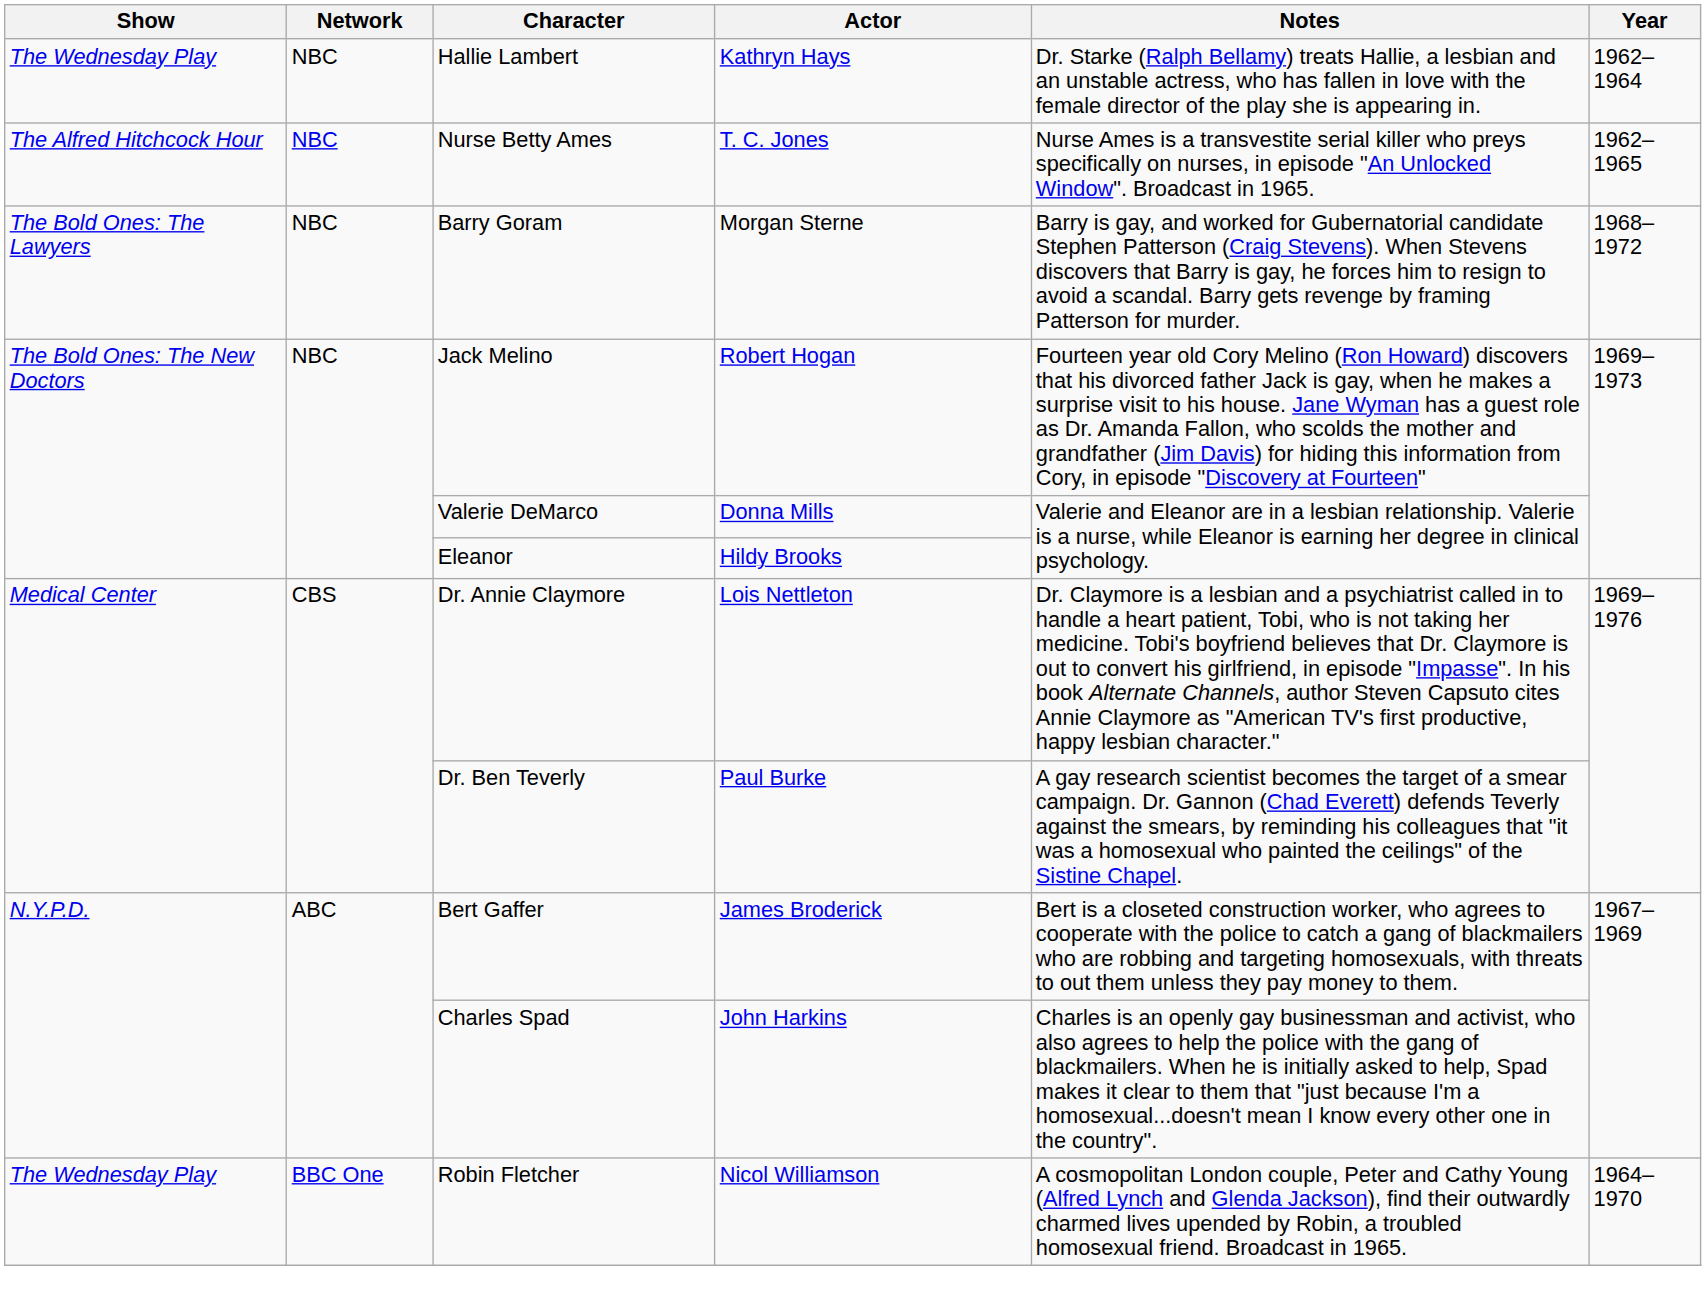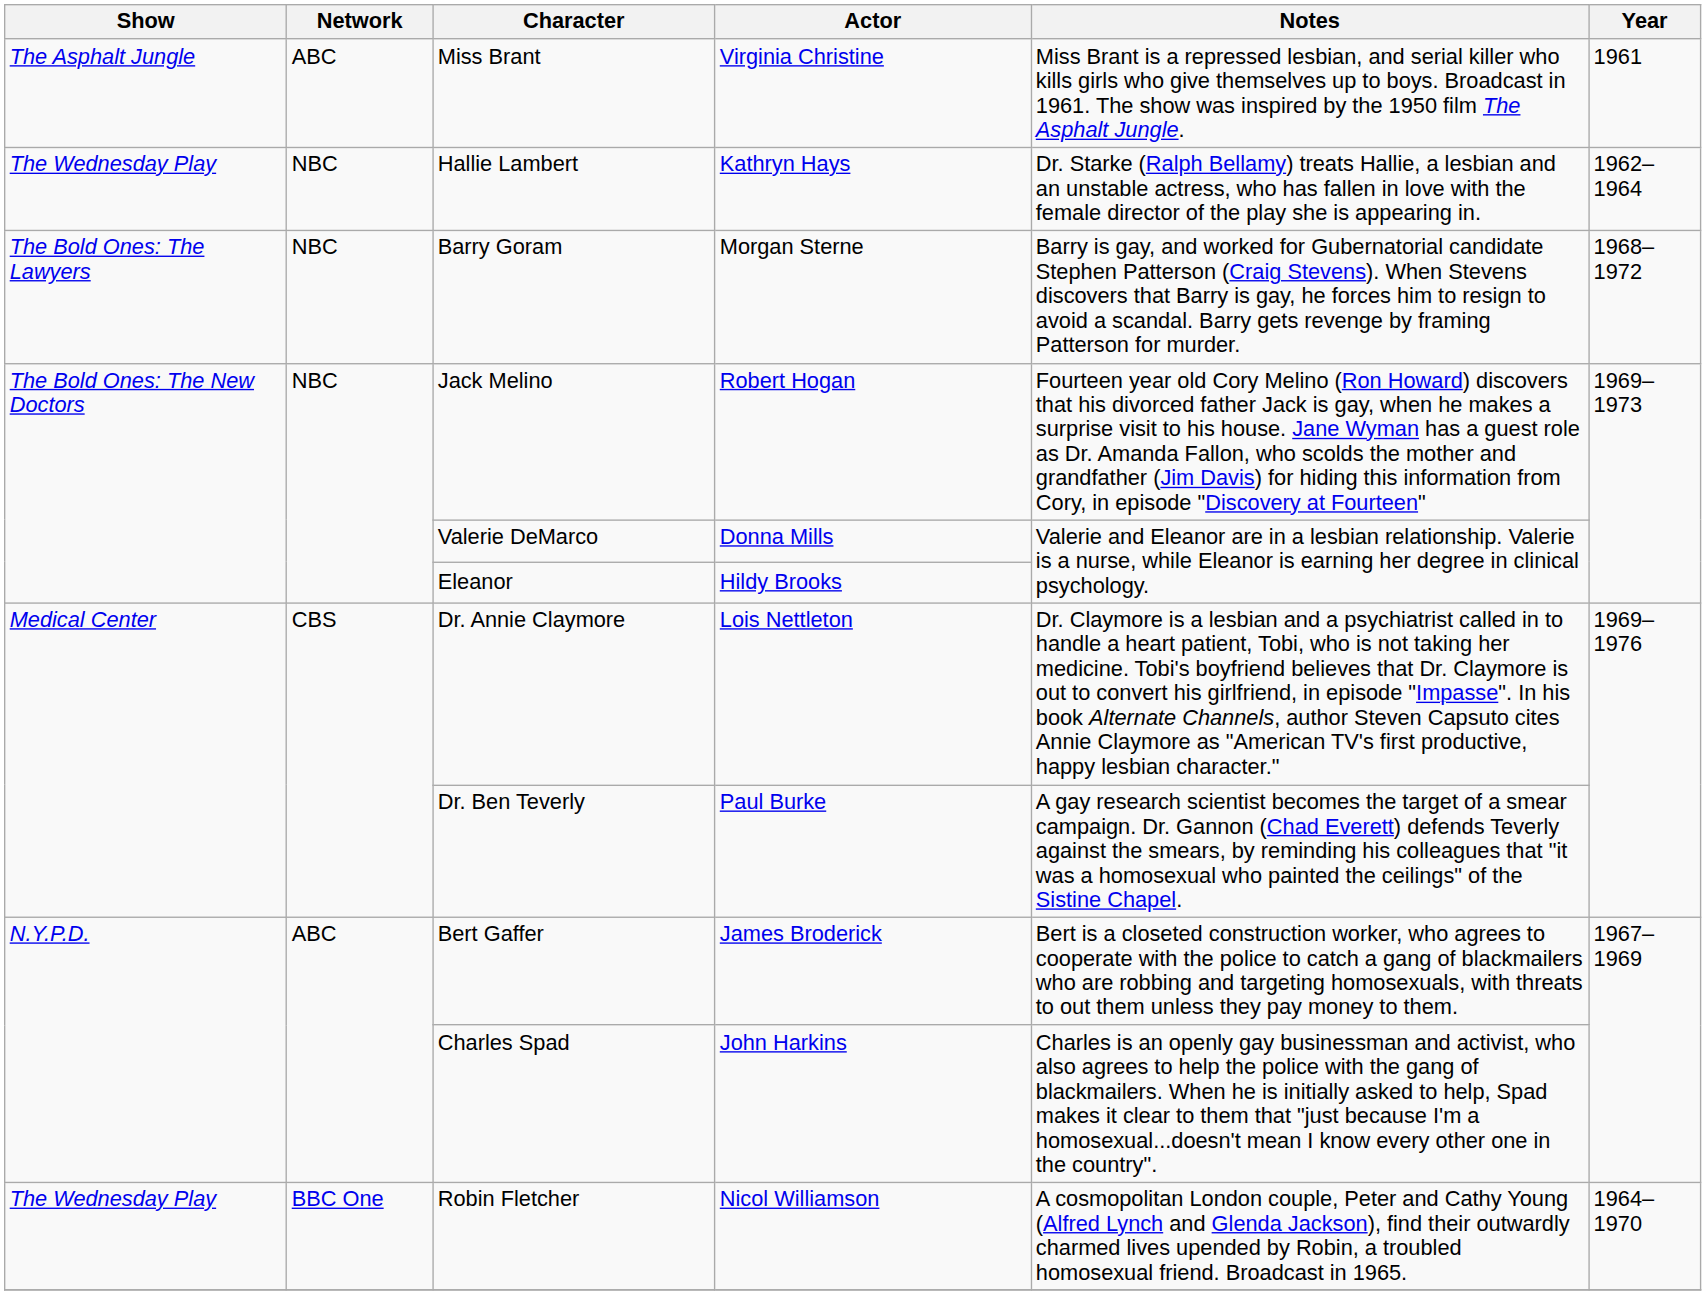 <table class="sortable wikitable" style="margins:auto; width=100%;">
 <tr>
 <th style="width:200px;">Show</th>
 <th style="width:100px;">Network</th>
 <th style="width:200px;">Character</th>
 <th style="width:225px;">Actor</th>
 <th>Notes</th>
 <th style="width:75px;">Year</th>
 </tr>
 <tr valign="top">
+<td><em><a href='#'>The Asphalt Jungle</a></em></td>
+<td>ABC</td>
+<td>Miss Brant</td>
+<td><a href='#'>Virginia Christine</a></td>
+<td>Miss Brant is a repressed lesbian, and serial killer who kills girls who give themselves up to boys. Broadcast in 1961. The show was inspired by the 1950 film <em><a href='#'>The Asphalt Jungle</a></em>.</td>
+<td>1961</td>
+</tr>
+<tr valign="top">
 <td><em><a href='#'>The Wednesday Play</a></em></td>
 <td>NBC</td>
 <td>Hallie Lambert</td>
 <td><a href='#'>Kathryn Hays</a></td>
 <td>Dr. Starke (<a href='#'>Ralph Bellamy</a>) treats Hallie, a lesbian and an unstable actress, who has fallen in love with the female director of the play she is appearing in.</td>
 <td>1962–1964</td>
-</tr>
-<tr valign="top">
-<td><em><a href='#'>The Alfred Hitchcock Hour</a></em></td>
-<td><a href='#'>NBC</a></td>
-<td>Nurse Betty Ames</td>
-<td><a href='#'>T. C. Jones</a></td>
-<td>Nurse Ames is a transvestite serial killer who preys specifically on nurses, in episode "<a href='#'>An Unlocked Window</a>". Broadcast in 1965.</td>
-<td>1962–1965</td>
 </tr>
 <tr valign="top">
 <td><em><a href='#'>The Bold Ones: The Lawyers</a></em></td>
 <td>NBC</td>
 <td>Barry Goram</td>
 <td>Morgan Sterne</td>
 <td>Barry is gay, and worked for Gubernatorial candidate Stephen Patterson (<a href='#'>Craig Stevens</a>). When Stevens discovers that Barry is gay, he forces him to resign to avoid a scandal. Barry gets revenge by framing Patterson for murder.</td>
 <td>1968–1972</td>
 </tr>
 <tr valign="top">
 <td rowspan="3"><em><a href='#'>The Bold Ones: The New Doctors</a></em></td>
 <td rowspan="3">NBC</td>
 <td>Jack Melino</td>
 <td><a href='#'>Robert Hogan</a></td>
 <td>Fourteen year old Cory Melino (<a href='#'>Ron Howard</a>) discovers that his divorced father Jack is gay, when he makes a surprise visit to his house. <a href='#'>Jane Wyman</a> has a guest role as Dr. Amanda Fallon, who scolds the mother and grandfather (<a href='#'>Jim Davis</a>) for hiding this information from Cory, in episode "<a href='#'>Discovery at Fourteen</a>"</td>
 <td rowspan="3">1969–1973</td>
 </tr>
 <tr valign="top">
 <td>Valerie DeMarco</td>
 <td><a href='#'>Donna Mills</a></td>
 <td rowspan="2">Valerie and Eleanor are in a lesbian relationship. Valerie is a nurse, while Eleanor is earning her degree in clinical psychology.</td>
 </tr>
 <tr>
 <td>Eleanor</td>
 <td><a href='#'>Hildy Brooks</a></td>
 </tr>
 <tr valign="top">
 <td rowspan="2"><em><a href='#'>Medical Center</a></em></td>
 <td rowspan="2">CBS</td>
 <td>Dr. Annie Claymore</td>
 <td><a href='#'>Lois Nettleton</a></td>
 <td>Dr. Claymore is a lesbian and a psychiatrist called in to handle a heart patient, Tobi, who is not taking her medicine. Tobi's boyfriend believes that Dr. Claymore is out to convert his girlfriend, in episode "<a href='#'>Impasse</a>". In his book <em>Alternate Channels</em>, author Steven Capsuto cites Annie Claymore as "American TV's first productive, happy lesbian character."</td>
 <td rowspan="2">1969–1976</td>
 </tr>
 <tr valign="top">
 <td>Dr. Ben Teverly</td>
 <td><a href='#'>Paul Burke</a></td>
 <td>A gay research scientist becomes the target of a smear campaign. Dr. Gannon (<a href='#'>Chad Everett</a>) defends Teverly against the smears, by reminding his colleagues that "it was a homosexual who painted the ceilings" of the <a href='#'>Sistine Chapel</a>.</td>
 </tr>
 <tr valign="top">
 <td rowspan="2"><em><a href='#'>N.Y.P.D.</a></em></td>
 <td rowspan="2">ABC</td>
 <td>Bert Gaffer</td>
 <td><a href='#'>James Broderick</a></td>
 <td>Bert is a closeted construction worker, who agrees to cooperate with the police to catch a gang of blackmailers who are robbing and targeting homosexuals, with threats to out them unless they pay money to them.</td>
 <td rowspan="2">1967–1969</td>
 </tr>
 <tr valign="top">
 <td>Charles Spad</td>
 <td><a href='#'>John Harkins</a></td>
 <td>Charles is an openly gay businessman and activist, who also agrees to help the police with the gang of blackmailers. When he is initially asked to help, Spad makes it clear to them that "just because I'm a homosexual...doesn't mean I know every other one in the country".</td>
 </tr>
 <tr valign="top">
 <td><em><a href='#'>The Wednesday Play</a></em></td>
 <td><a href='#'>BBC One</a></td>
 <td>Robin Fletcher</td>
 <td><a href='#'>Nicol Williamson</a></td>
 <td>A cosmopolitan London couple, Peter and Cathy Young (<a href='#'>Alfred Lynch</a> and <a href='#'>Glenda Jackson</a>), find their outwardly charmed lives upended by Robin, a troubled homosexual friend. Broadcast in 1965.</td>
 <td>1964–1970</td>
 </tr>
 <tr valign="top">
 </tr>
 </table>
